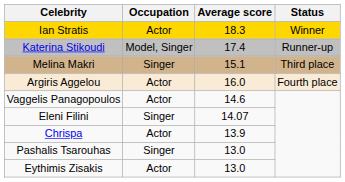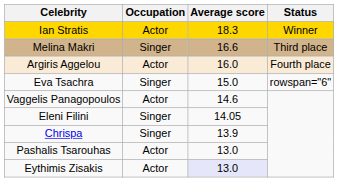 <table class="wikitable sortable" style="text-align:center;">
 <tr>
 <th>Celebrity</th>
 <th>Occupation</th>
 <th>Average score</th>
 <th>Status</th>
 </tr>
 <tr bgcolor="gold">
 <td>Ian Stratis</td>
 <td>Actor</td>
 <td>18.3</td>
 <td>Winner</td>
 </tr>
-<tr bgcolor="silver">
-<td><a href='#'>Katerina Stikoudi</a></td>
-<td>Model, Singer</td>
-<td>17.4</td>
-<td>Runner-up</td>
-</tr>
 <tr bgcolor="tan">
 <td>Melina Makri</td>
 <td>Singer</td>
-<td>15.1</td>
+<td>16.6</td>
 <td>Third place</td>
 </tr>
 <tr bgcolor=antiquewhite>
 <td>Argiris Aggelou</td>
 <td>Actor</td>
 <td>16.0</td>
 <td>Fourth place</td>
 </tr>
 <tr>
+<td>Eva Tsachra</td>
+<td>Singer</td>
+<td>15.0</td>
+<td>rowspan="6" </td>
+</tr>
+<tr>
 <td>Vaggelis Panagopoulos</td>
 <td>Actor</td>
 <td>14.6</td>
 </tr>
 <tr>
 <td>Eleni Filini</td>
 <td>Singer</td>
-<td>14.07</td>
+<td>14.05</td>
 </tr>
 <tr>
 <td><a href='#'>Chrispa</a></td>
-<td>Actor</td>
+<td>Singer</td>
 <td>13.9</td>
 </tr>
 <tr>
 <td>Pashalis Tsarouhas</td>
-<td>Singer</td>
+<td>Actor</td>
 <td>13.0</td>
 </tr>
 <tr>
 <td>Eythimis Zisakis</td>
 <td>Actor</td>
-<td>13.0</td>
+<td style="background: lavender;">13.0</td>
 </tr>
 </table>
